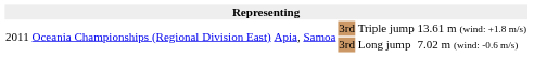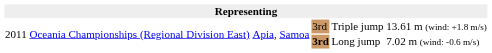 <table>
 <tr>
 <th bgcolor="#eeeeee" colspan="6">Representing </th>
 </tr>
 <tr>
 <td rowspan=2>2011</td>
 <td rowspan=2><a href='#'>Oceania Championships (Regional Division East)</a></td>
 <td rowspan=2><a href='#'>Apia</a>, <a href='#'>Samoa</a></td>
 <td bgcolor=cc9966>3rd</td>
 <td>Triple jump</td>
 <td>13.61 m <small>(wind: +1.8 m/s)</small></td>
 </tr>
 <tr>
-<td bgcolor=cc9966>3rd</td>
+<td bgcolor=cc9966><strong>3rd</strong></td>
 <td>Long jump</td>
 <td>7.02 m <small>(wind: -0.6 m/s)</small></td>
 </tr>
 </table>
